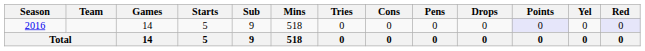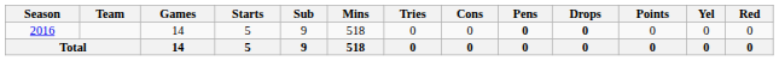 <table class="wikitable" style="text-align:center; line-height:90%; font-size:95%; width:60%;">
 <tr>
 <th>Season</th>
 <th>Team</th>
 <th>Games</th>
 <th>Starts</th>
 <th>Sub</th>
 <th>Mins</th>
 <th>Tries</th>
 <th>Cons</th>
 <th>Pens</th>
 <th>Drops</th>
 <th>Points</th>
 <th>Yel</th>
 <th>Red</th>
 </tr>
 <tr>
 <td><a href='#'>2016</a></td>
 <td></td>
 <td>14</td>
 <td>5</td>
 <td>9</td>
 <td>518</td>
 <td>0</td>
 <td>0</td>
+<td><strong>0</strong></td>
+<td><strong>0</strong></td>
 <td>0</td>
 <td>0</td>
-<td style="background: lavender;">0</td>
 <td>0</td>
-<td style="background: lavender;">0</td>
 </tr>
 <tr>
 <th colspan="2">Total</th>
 <th>14</th>
 <th>5</th>
 <th>9</th>
 <th>518</th>
 <th>0</th>
 <th>0</th>
 <th>0</th>
 <th>0</th>
 <th>0</th>
 <th>0</th>
 <th>0</th>
 </tr>
 </table>
